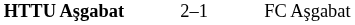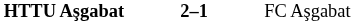 <table width=100% cellspacing=1>
 <tr>
 <th width=20%></th>
 <th width=12%></th>
 <th width=20%></th>
 <th></th>
 </tr>
 <tr style=font-size:90%>
 <td align=right><strong>HTTU Aşgabat</strong></td>
-<td align=center>2–1</td>
+<td align=center><strong>2–1</strong></td>
 <td>FC Aşgabat</td>
 </tr>
 </table>
